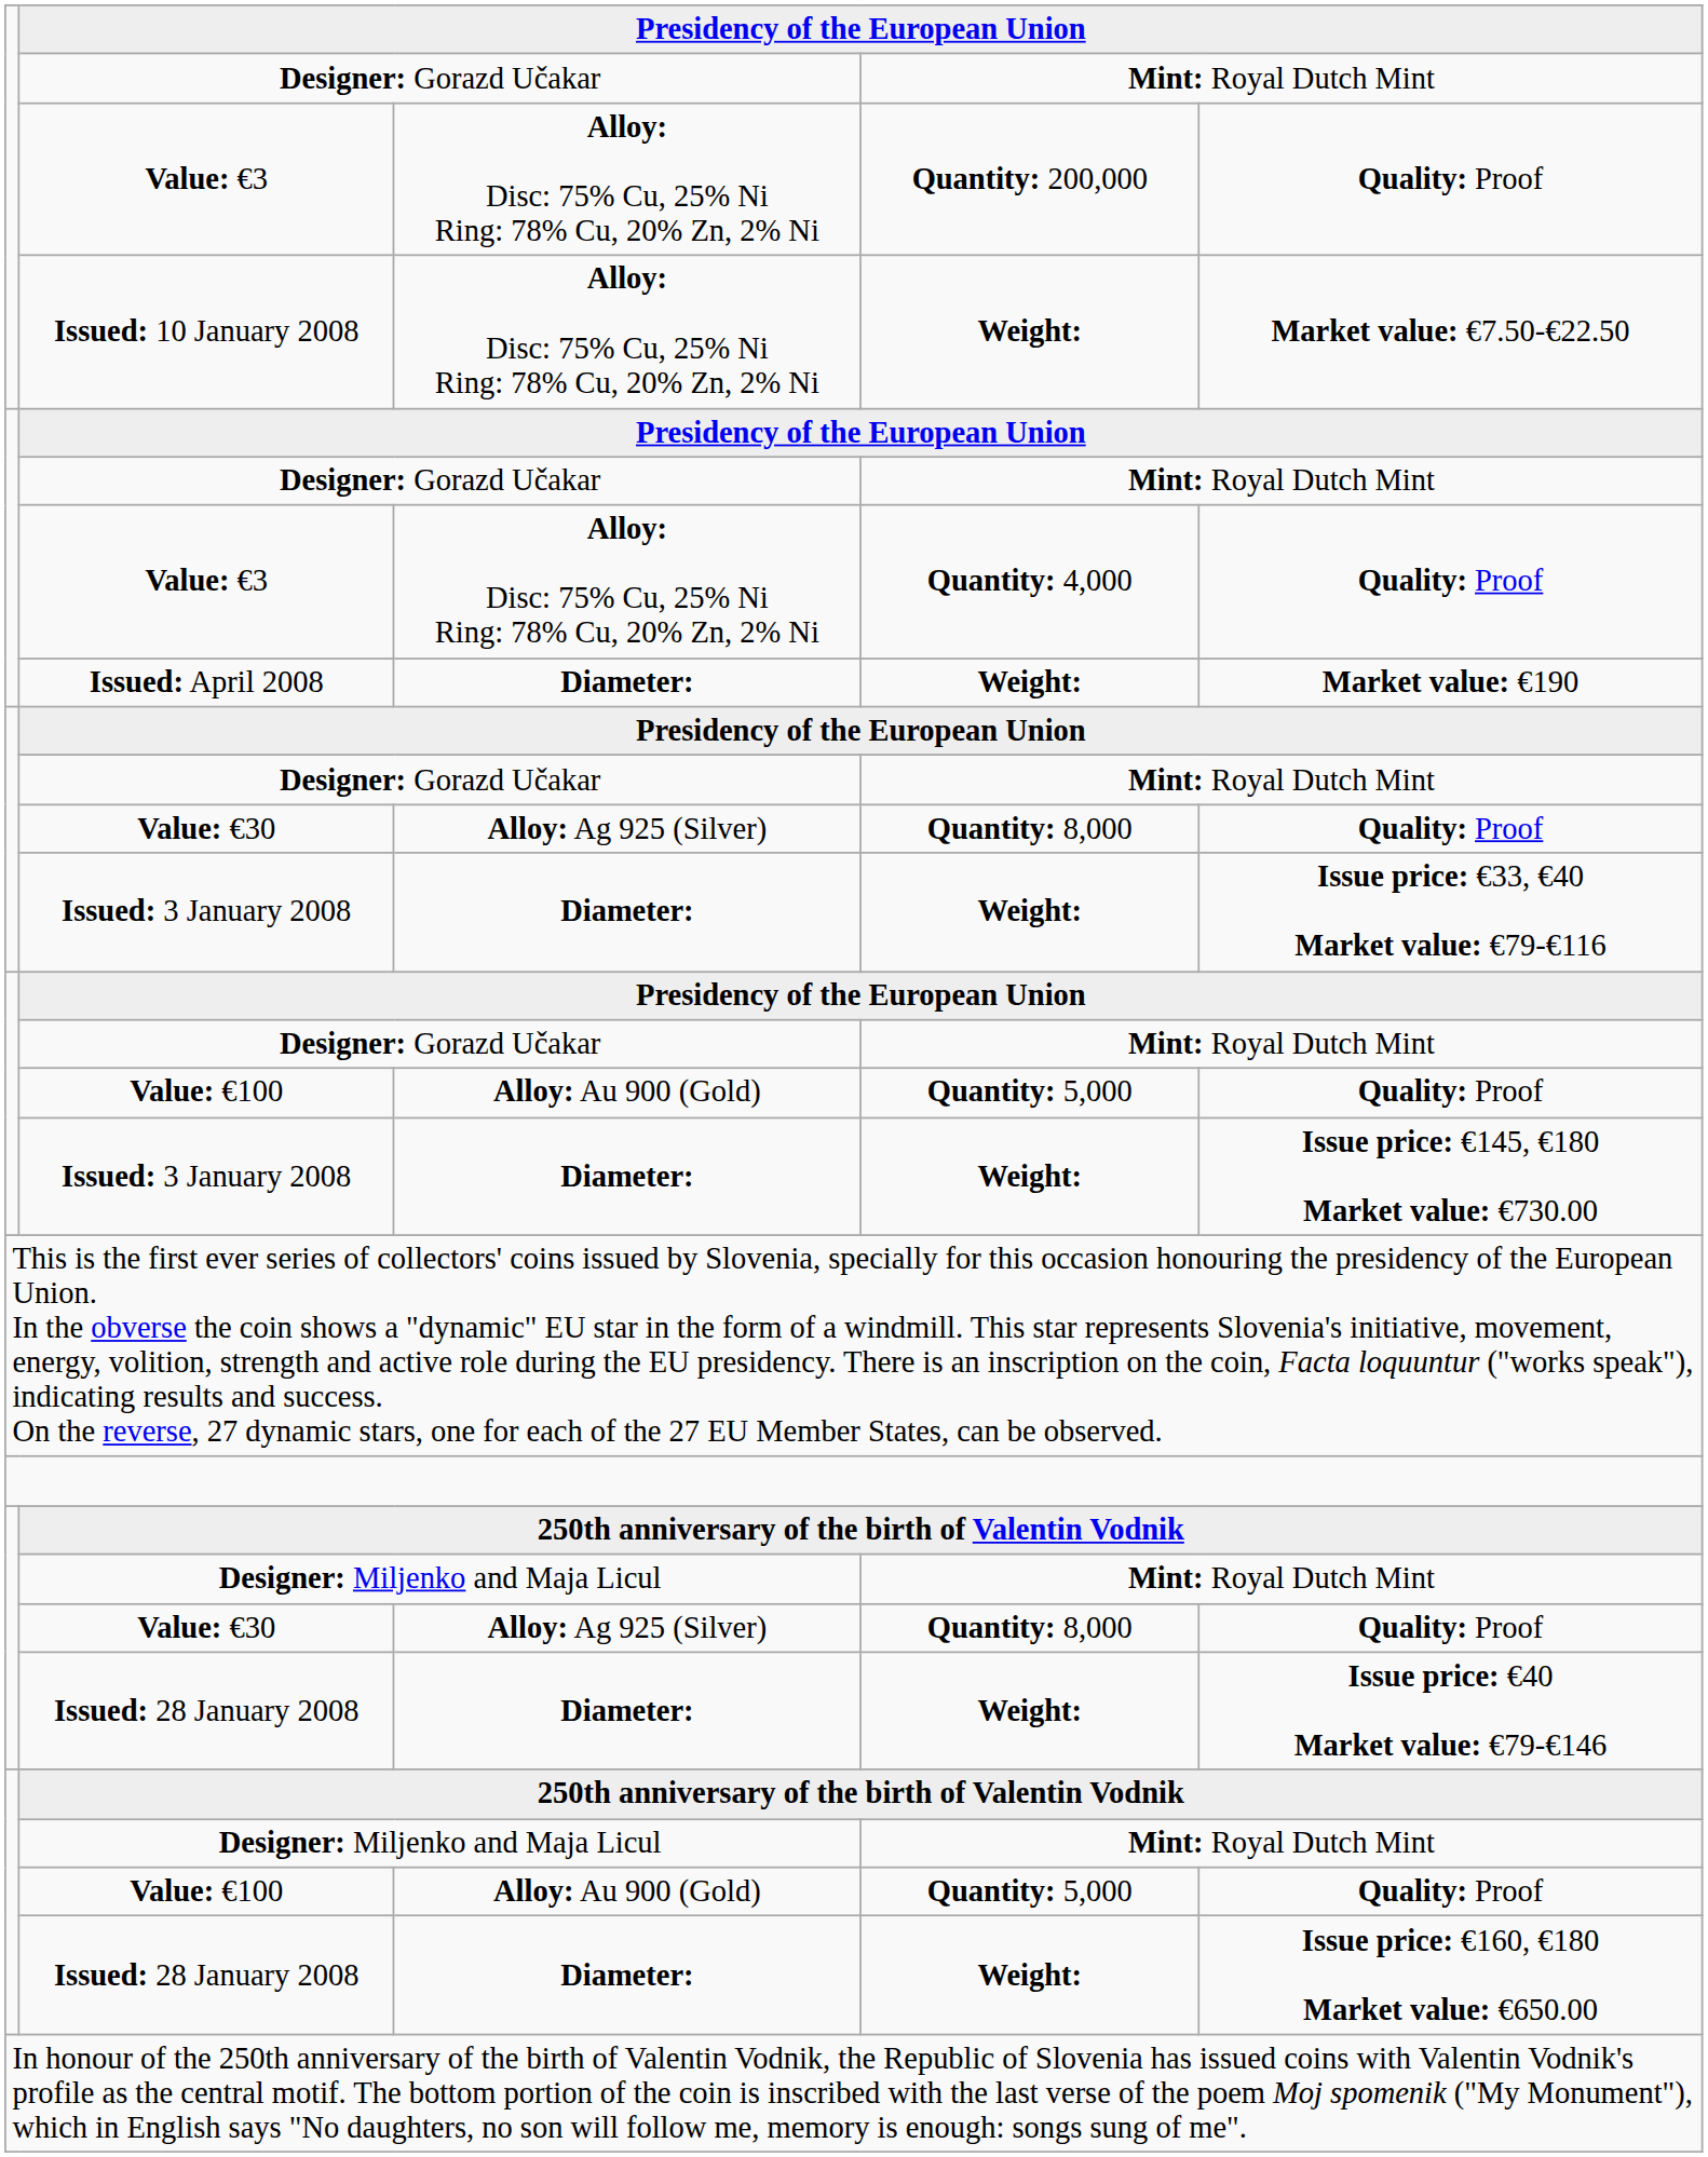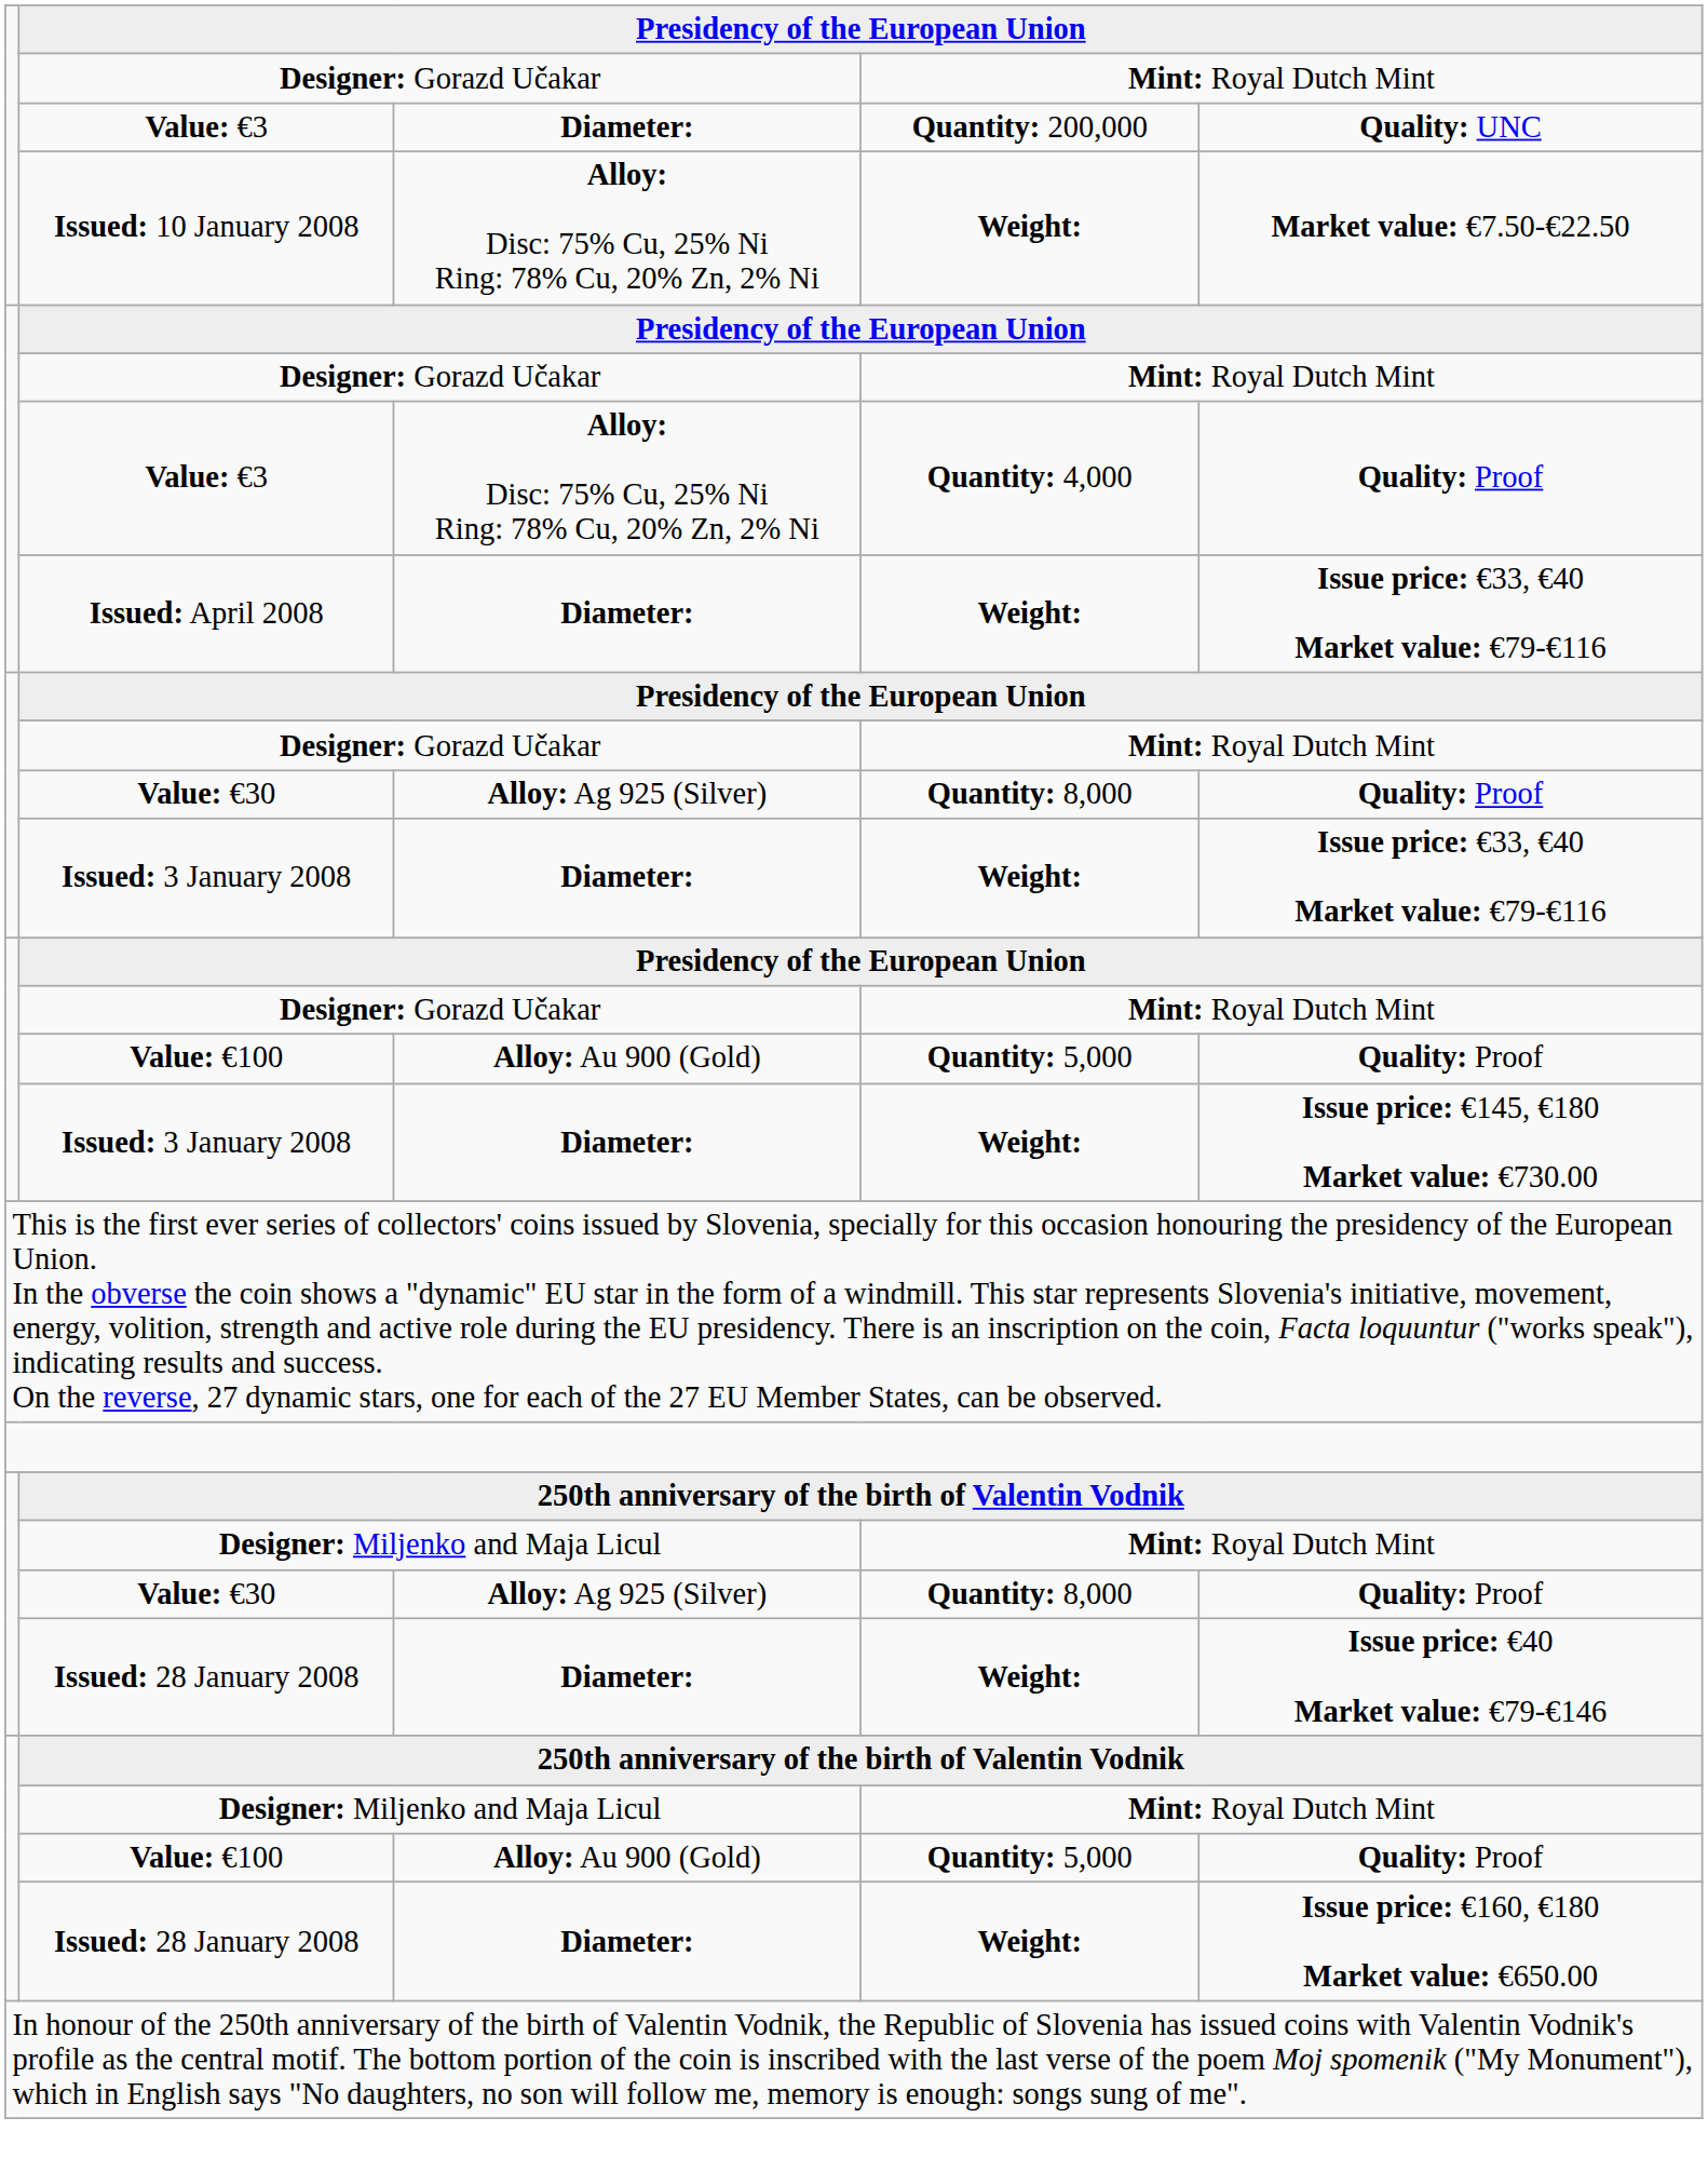 <table class="wikitable" style="width:100%;">
 <tr>
 <td rowspan="4"  style="text-align:center; width:330px; white-space:nowrap;"></td>
 <th colspan="4"  style="text-align:center; background:#eee;"><a href='#'>Presidency of the European Union</a></th>
 </tr>
 <tr style="text-align:center;">
 <td colspan="2"  style="width:50%; "><strong>Designer:</strong> Gorazd Učakar</td>
 <td colspan="2"  style="width:50%; "><strong>Mint:</strong> Royal Dutch Mint</td>
 </tr>
 <tr>
 <td align=center><strong>Value:</strong> €3</td>
-<td align=center><strong>Alloy:</strong><br><br>Disc: 75% Cu, 25% Ni <br> Ring: 78% Cu, 20% Zn, 2% Ni</td>
+<td align=center><strong>Diameter:</strong> </td>
 <td align=center><strong>Quantity:</strong> 200,000</td>
-<td align=center><strong>Quality:</strong> Proof</td>
+<td align=center><strong>Quality:</strong> <a href='#'>UNC</a></td>
 </tr>
 <tr>
 <td align=center><strong>Issued:</strong> 10 January 2008</td>
 <td align=center><strong>Alloy:</strong><br><br>Disc: 75% Cu, 25% Ni <br> Ring: 78% Cu, 20% Zn, 2% Ni</td>
 <td align=center><strong>Weight:</strong> </td>
 <td align=center><strong>Market value:</strong> €7.50-€22.50</td>
 </tr>
 <tr>
 <td rowspan="4"  style="text-align:center; width:330px; white-space:nowrap;"></td>
 <th colspan="4"  style="text-align:center; background:#eee;"><a href='#'>Presidency of the European Union</a></th>
 </tr>
 <tr style="text-align:center;">
 <td colspan="2"  style="width:50%; "><strong>Designer:</strong> Gorazd Učakar</td>
 <td colspan="2"  style="width:50%; "><strong>Mint:</strong> Royal Dutch Mint</td>
 </tr>
 <tr>
 <td align=center><strong>Value:</strong> €3</td>
 <td align=center><strong>Alloy:</strong><br><br>Disc: 75% Cu, 25% Ni <br> Ring: 78% Cu, 20% Zn, 2% Ni</td>
 <td align=center><strong>Quantity:</strong> 4,000</td>
 <td align=center><strong>Quality:</strong> <a href='#'>Proof</a></td>
 </tr>
 <tr>
 <td align=center><strong>Issued:</strong> April 2008</td>
 <td align=center><strong>Diameter:</strong> </td>
 <td align=center><strong>Weight:</strong> </td>
-<td align=center><strong>Market value:</strong> €190</td>
+<td align=center><strong>Issue price:</strong> €33, €40 <br><br><strong>Market value:</strong> €79-€116</td>
 </tr>
 <tr>
 <td rowspan="4"  style="white-space:nowrap; width:330px; text-align:center;"></td>
 <th colspan="4"  style="text-align:center; background:#eee;">Presidency of the European Union</th>
 </tr>
 <tr style="text-align:center;">
 <td colspan="2"  style="width:50%; "><strong>Designer:</strong> Gorazd Učakar</td>
 <td colspan="2"  style="width:50%; "><strong>Mint:</strong> Royal Dutch Mint</td>
 </tr>
 <tr>
 <td align=center><strong>Value:</strong> €30</td>
 <td align=center><strong>Alloy:</strong> Ag 925 (Silver)</td>
 <td align=center><strong>Quantity:</strong> 8,000</td>
 <td align=center><strong>Quality:</strong> <a href='#'>Proof</a></td>
 </tr>
 <tr>
 <td align=center><strong>Issued:</strong> 3 January 2008</td>
 <td align=center><strong>Diameter:</strong> </td>
 <td align=center><strong>Weight:</strong> </td>
 <td align=center><strong>Issue price:</strong> €33, €40 <br><br><strong>Market value:</strong> €79-€116</td>
 </tr>
 <tr>
 <td rowspan="4"  style="text-align:center; width:330px; white-space:nowrap;"></td>
 <th colspan="4"  style="text-align:center; background:#eee;">Presidency of the European Union</th>
 </tr>
 <tr style="text-align:center;">
 <td colspan="2"  style="width:50%; "><strong>Designer:</strong> Gorazd Učakar</td>
 <td colspan="2"  style="width:50%; "><strong>Mint:</strong> Royal Dutch Mint</td>
 </tr>
 <tr>
 <td align=center><strong>Value:</strong> €100</td>
 <td align=center><strong>Alloy:</strong> Au 900 (Gold)</td>
 <td align=center><strong>Quantity:</strong> 5,000</td>
 <td align=center><strong>Quality:</strong> Proof</td>
 </tr>
 <tr>
 <td align=center><strong>Issued:</strong> 3 January 2008</td>
 <td align=center><strong>Diameter:</strong> </td>
 <td align=center><strong>Weight:</strong> </td>
 <td align=center><strong>Issue price:</strong> €145, €180 <br><br><strong>Market value:</strong> €730.00</td>
 </tr>
 <tr>
 <td colspan="5" style="text-align:left;">This is the first ever series of collectors' coins issued by Slovenia, specially for this occasion honouring the presidency of the European Union.<br>In the <a href='#'>obverse</a> the coin shows a "dynamic" EU star in the form of a windmill. This star represents Slovenia's initiative, movement, energy, volition, strength and active role during the EU presidency. There is an inscription on the coin, <em>Facta loquuntur</em> ("works speak"), indicating results and success.<br>On the <a href='#'>reverse</a>, 27 dynamic stars, one for each of the 27 EU Member States, can be observed.</td>
 </tr>
 <tr>
 <td colspan="5" style="text-align:left;"> </td>
 </tr>
 <tr>
 <td rowspan="4"  style="white-space:nowrap; width:330px; text-align:center;"></td>
 <th colspan="4"  style="text-align:center; background:#eee;">250th anniversary of the birth of <a href='#'>Valentin Vodnik</a></th>
 </tr>
 <tr style="text-align:center;">
 <td colspan="2"  style="width:50%; "><strong>Designer:</strong> <a href='#'>Miljenko</a> and Maja Licul</td>
 <td colspan="2"  style="width:50%; "><strong>Mint:</strong> Royal Dutch Mint</td>
 </tr>
 <tr>
 <td align=center><strong>Value:</strong> €30</td>
 <td align=center><strong>Alloy:</strong> Ag 925 (Silver)</td>
 <td align=center><strong>Quantity:</strong> 8,000</td>
 <td align=center><strong>Quality:</strong> Proof</td>
 </tr>
 <tr>
 <td align=center><strong>Issued:</strong> 28 January 2008</td>
 <td align=center><strong>Diameter:</strong> </td>
 <td align=center><strong>Weight:</strong> </td>
 <td align=center><strong>Issue price:</strong> €40 <br><br><strong>Market value:</strong> €79-€146</td>
 </tr>
 <tr>
 <td rowspan="4"  style="white-space:nowrap; width:330px; text-align:center;"></td>
 <th colspan="4"  style="text-align:center; background:#eee;">250th anniversary of the birth of Valentin Vodnik</th>
 </tr>
 <tr style="text-align:center;">
 <td colspan="2"  style="width:50%; "><strong>Designer:</strong> Miljenko and Maja Licul</td>
 <td colspan="2"  style="width:50%; "><strong>Mint:</strong> Royal Dutch Mint</td>
 </tr>
 <tr>
 <td align=center><strong>Value:</strong> €100</td>
 <td align=center><strong>Alloy:</strong> Au 900 (Gold)</td>
 <td align=center><strong>Quantity:</strong> 5,000</td>
 <td align=center><strong>Quality:</strong> Proof</td>
 </tr>
 <tr>
 <td align=center><strong>Issued:</strong> 28 January 2008</td>
 <td align=center><strong>Diameter:</strong> </td>
 <td align=center><strong>Weight:</strong> </td>
 <td align=center><strong>Issue price:</strong> €160, €180 <br><br><strong>Market value:</strong> €650.00</td>
 </tr>
 <tr>
 <td colspan="5" style="text-align:left;">In honour of the 250th anniversary of the birth of Valentin Vodnik, the Republic of Slovenia has issued coins with Valentin Vodnik's profile as the central motif. The bottom portion of the coin is inscribed with the last verse of the poem <em>Moj spomenik</em> ("My Monument"), which in English says "No daughters, no son will follow me, memory is enough: songs sung of me".</td>
 </tr>
 </table>
